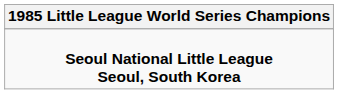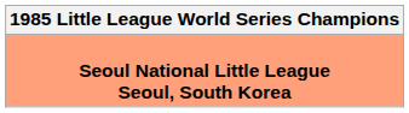 <table class="wikitable" style="text-align: center; margin: 0 auto;">
 <tr>
 <th>1985 Little League World Series Champions</th>
 </tr>
 <tr>
 </tr>
 <tr>
-<td><br><strong>Seoul National Little League</strong><br><strong>Seoul, South Korea</strong></td>
+<td style="background: lightsalmon;"><br><strong>Seoul National Little League</strong><br><strong>Seoul, South Korea</strong></td>
 </tr>
 </table>
